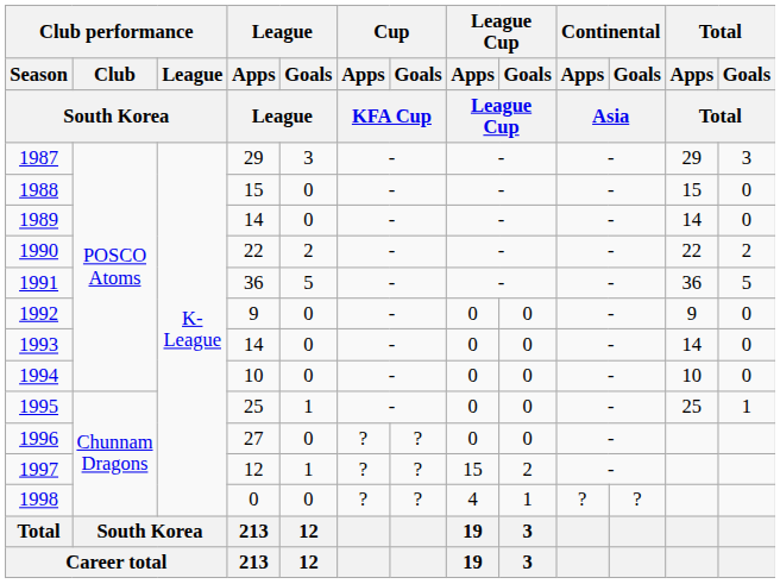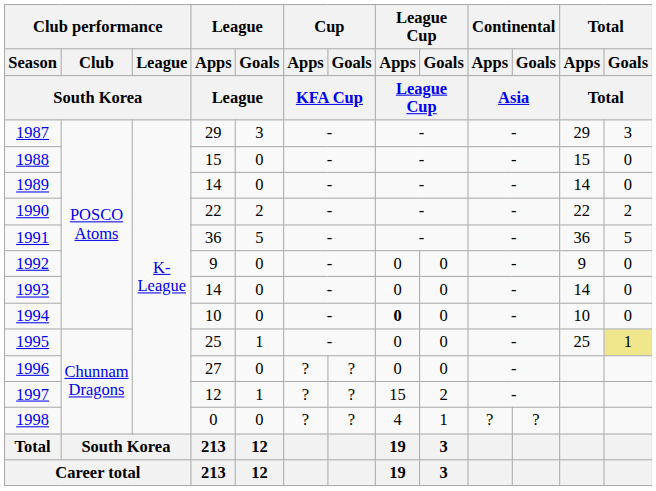 <table class="wikitable" style="text-align:center">
 <tr>
 <th colspan=3>Club performance</th>
 <th colspan=2>League</th>
 <th colspan=2>Cup</th>
 <th colspan=2>League Cup</th>
 <th colspan=2>Continental</th>
 <th colspan=2>Total</th>
 </tr>
 <tr>
 <th>Season</th>
 <th>Club</th>
 <th>League</th>
 <th>Apps</th>
 <th>Goals</th>
 <th>Apps</th>
 <th>Goals</th>
 <th>Apps</th>
 <th>Goals</th>
 <th>Apps</th>
 <th>Goals</th>
 <th>Apps</th>
 <th>Goals</th>
 </tr>
 <tr>
 <th colspan=3>South Korea</th>
 <th colspan=2>League</th>
 <th colspan=2><a href='#'>KFA Cup</a></th>
 <th colspan=2><a href='#'>League Cup</a></th>
 <th colspan=2><a href='#'>Asia</a></th>
 <th colspan=2>Total</th>
 </tr>
 <tr>
 <td><a href='#'>1987</a></td>
 <td rowspan="8"><a href='#'>POSCO Atoms</a></td>
 <td rowspan="12"><a href='#'>K-League</a></td>
 <td>29</td>
 <td>3</td>
 <td colspan="2">-</td>
 <td colspan="2">-</td>
 <td colspan="2">-</td>
 <td>29</td>
 <td>3</td>
 </tr>
 <tr>
 <td><a href='#'>1988</a></td>
 <td>15</td>
 <td>0</td>
 <td colspan="2">-</td>
 <td colspan="2">-</td>
 <td colspan="2">-</td>
 <td>15</td>
 <td>0</td>
 </tr>
 <tr>
 <td><a href='#'>1989</a></td>
 <td>14</td>
 <td>0</td>
 <td colspan="2">-</td>
 <td colspan="2">-</td>
 <td colspan="2">-</td>
 <td>14</td>
 <td>0</td>
 </tr>
 <tr>
 <td><a href='#'>1990</a></td>
 <td>22</td>
 <td>2</td>
 <td colspan="2">-</td>
 <td colspan="2">-</td>
 <td colspan="2">-</td>
 <td>22</td>
 <td>2</td>
 </tr>
 <tr>
 <td><a href='#'>1991</a></td>
 <td>36</td>
 <td>5</td>
 <td colspan="2">-</td>
 <td colspan="2">-</td>
 <td colspan="2">-</td>
 <td>36</td>
 <td>5</td>
 </tr>
 <tr>
 <td><a href='#'>1992</a></td>
 <td>9</td>
 <td>0</td>
 <td colspan="2">-</td>
 <td>0</td>
 <td>0</td>
 <td colspan="2">-</td>
 <td>9</td>
 <td>0</td>
 </tr>
 <tr>
 <td><a href='#'>1993</a></td>
 <td>14</td>
 <td>0</td>
 <td colspan="2">-</td>
 <td>0</td>
 <td>0</td>
 <td colspan="2">-</td>
 <td>14</td>
 <td>0</td>
 </tr>
 <tr>
 <td><a href='#'>1994</a></td>
 <td>10</td>
 <td>0</td>
 <td colspan="2">-</td>
-<td>0</td>
+<td><strong>0</strong></td>
 <td>0</td>
 <td colspan="2">-</td>
 <td>10</td>
 <td>0</td>
 </tr>
 <tr>
 <td><a href='#'>1995</a></td>
 <td rowspan="4"><a href='#'>Chunnam Dragons</a></td>
 <td>25</td>
 <td>1</td>
 <td colspan="2">-</td>
 <td>0</td>
 <td>0</td>
 <td colspan="2">-</td>
 <td>25</td>
-<td>1</td>
+<td style="background: khaki;">1</td>
 </tr>
 <tr>
 <td><a href='#'>1996</a></td>
 <td>27</td>
 <td>0</td>
 <td>?</td>
 <td>?</td>
 <td>0</td>
 <td>0</td>
 <td colspan="2">-</td>
 <td></td>
 <td></td>
 </tr>
 <tr>
 <td><a href='#'>1997</a></td>
 <td>12</td>
 <td>1</td>
 <td>?</td>
 <td>?</td>
 <td>15</td>
 <td>2</td>
 <td colspan="2">-</td>
 <td></td>
 <td></td>
 </tr>
 <tr>
 <td><a href='#'>1998</a></td>
 <td>0</td>
 <td>0</td>
 <td>?</td>
 <td>?</td>
 <td>4</td>
 <td>1</td>
 <td>?</td>
 <td>?</td>
 <td></td>
 <td></td>
 </tr>
 <tr>
 <th rowspan=1>Total</th>
 <th colspan=2>South Korea</th>
 <th>213</th>
 <th>12</th>
 <th></th>
 <th></th>
 <th>19</th>
 <th>3</th>
 <th></th>
 <th></th>
 <th></th>
 <th></th>
 </tr>
 <tr>
 <th colspan=3>Career total</th>
 <th>213</th>
 <th>12</th>
 <th></th>
 <th></th>
 <th>19</th>
 <th>3</th>
 <th></th>
 <th></th>
 <th></th>
 <th></th>
 </tr>
 </table>
